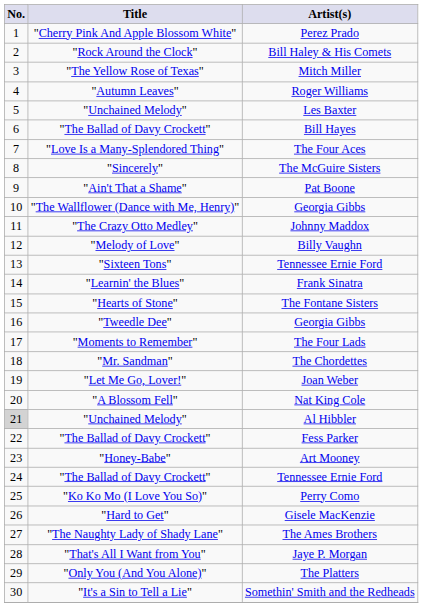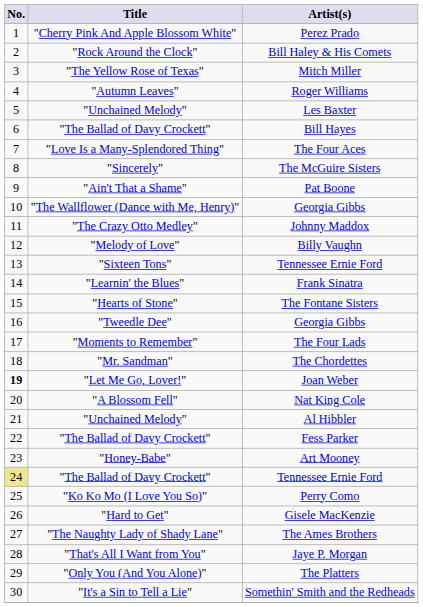 <table class="wikitable sortable" style="text-align: center">
 <tr>
 <th scope="col" style="background:#dde;">No.</th>
 <th scope="col" style="background:#dde;">Title</th>
 <th scope="col" style="background:#dde;">Artist(s)</th>
 </tr>
 <tr>
 <td>1</td>
 <td>"<a href='#'>Cherry Pink And Apple Blossom White</a>"</td>
 <td><a href='#'>Perez Prado</a></td>
 </tr>
 <tr>
 <td>2</td>
 <td>"<a href='#'>Rock Around the Clock</a>"</td>
 <td><a href='#'>Bill Haley & His Comets</a></td>
 </tr>
 <tr>
 <td>3</td>
 <td>"<a href='#'>The Yellow Rose of Texas</a>"</td>
 <td><a href='#'>Mitch Miller</a></td>
 </tr>
 <tr>
 <td>4</td>
 <td>"<a href='#'>Autumn Leaves</a>"</td>
 <td><a href='#'>Roger Williams</a></td>
 </tr>
 <tr>
 <td>5</td>
 <td>"<a href='#'>Unchained Melody</a>"</td>
 <td><a href='#'>Les Baxter</a></td>
 </tr>
 <tr>
 <td>6</td>
 <td>"<a href='#'>The Ballad of Davy Crockett</a>"</td>
 <td><a href='#'>Bill Hayes</a></td>
 </tr>
 <tr>
 <td>7</td>
 <td>"<a href='#'>Love Is a Many-Splendored Thing</a>"</td>
 <td><a href='#'>The Four Aces</a></td>
 </tr>
 <tr>
 <td>8</td>
 <td>"<a href='#'>Sincerely</a>"</td>
 <td><a href='#'>The McGuire Sisters</a></td>
 </tr>
 <tr>
 <td>9</td>
 <td>"<a href='#'>Ain't That a Shame</a>"</td>
 <td><a href='#'>Pat Boone</a></td>
 </tr>
 <tr>
 <td>10</td>
 <td>"<a href='#'>The Wallflower (Dance with Me, Henry)</a>"</td>
 <td><a href='#'>Georgia Gibbs</a></td>
 </tr>
 <tr>
 <td>11</td>
 <td>"<a href='#'>The Crazy Otto Medley</a>"</td>
 <td><a href='#'>Johnny Maddox</a></td>
 </tr>
 <tr>
 <td>12</td>
 <td>"<a href='#'>Melody of Love</a>"</td>
 <td><a href='#'>Billy Vaughn</a></td>
 </tr>
 <tr>
 <td>13</td>
 <td>"<a href='#'>Sixteen Tons</a>"</td>
 <td><a href='#'>Tennessee Ernie Ford</a></td>
 </tr>
 <tr>
 <td>14</td>
 <td>"<a href='#'>Learnin' the Blues</a>"</td>
 <td><a href='#'>Frank Sinatra</a></td>
 </tr>
 <tr>
 <td>15</td>
 <td>"<a href='#'>Hearts of Stone</a>"</td>
 <td><a href='#'>The Fontane Sisters</a></td>
 </tr>
 <tr>
 <td>16</td>
 <td>"<a href='#'>Tweedle Dee</a>"</td>
 <td><a href='#'>Georgia Gibbs</a></td>
 </tr>
 <tr>
 <td>17</td>
 <td>"<a href='#'>Moments to Remember</a>"</td>
 <td><a href='#'>The Four Lads</a></td>
 </tr>
 <tr>
 <td>18</td>
 <td>"<a href='#'>Mr. Sandman</a>"</td>
 <td><a href='#'>The Chordettes</a></td>
 </tr>
 <tr>
-<td>19</td>
+<td><strong>19</strong></td>
 <td>"<a href='#'>Let Me Go, Lover!</a>"</td>
 <td><a href='#'>Joan Weber</a></td>
 </tr>
 <tr>
 <td>20</td>
 <td>"<a href='#'>A Blossom Fell</a>"</td>
 <td><a href='#'>Nat King Cole</a></td>
 </tr>
 <tr>
-<td style="background: lightgrey;">21</td>
+<td>21</td>
 <td>"<a href='#'>Unchained Melody</a>"</td>
 <td><a href='#'>Al Hibbler</a></td>
 </tr>
 <tr>
 <td>22</td>
 <td>"<a href='#'>The Ballad of Davy Crockett</a>"</td>
 <td><a href='#'>Fess Parker</a></td>
 </tr>
 <tr>
 <td>23</td>
 <td>"<a href='#'>Honey-Babe</a>"</td>
 <td><a href='#'>Art Mooney</a></td>
 </tr>
 <tr>
-<td>24</td>
+<td style="background: khaki;">24</td>
 <td>"<a href='#'>The Ballad of Davy Crockett</a>"</td>
 <td><a href='#'>Tennessee Ernie Ford</a></td>
 </tr>
 <tr>
 <td>25</td>
 <td>"<a href='#'>Ko Ko Mo (I Love You So)</a>"</td>
 <td><a href='#'>Perry Como</a></td>
 </tr>
 <tr>
 <td>26</td>
 <td>"<a href='#'>Hard to Get</a>"</td>
 <td><a href='#'>Gisele MacKenzie</a></td>
 </tr>
 <tr>
 <td>27</td>
 <td>"<a href='#'>The Naughty Lady of Shady Lane</a>"</td>
 <td><a href='#'>The Ames Brothers</a></td>
 </tr>
 <tr>
 <td>28</td>
 <td>"<a href='#'>That's All I Want from You</a>"</td>
 <td><a href='#'>Jaye P. Morgan</a></td>
 </tr>
 <tr>
 <td>29</td>
 <td>"<a href='#'>Only You (And You Alone)</a>"</td>
 <td><a href='#'>The Platters</a></td>
 </tr>
 <tr>
 <td>30</td>
 <td>"<a href='#'>It's a Sin to Tell a Lie</a>"</td>
 <td><a href='#'>Somethin' Smith and the Redheads</a></td>
 </tr>
 <tr>
 </tr>
 </table>
